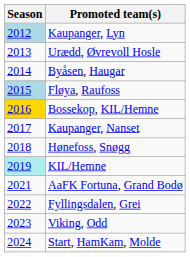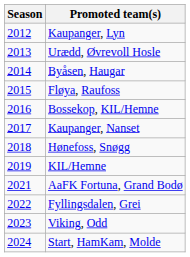 <table class="wikitable">
 <tr>
 <th>Season</th>
 <th>Promoted team(s)</th>
 </tr>
 <tr>
-<td style="background: lightblue;"><a href='#'>2012</a></td>
+<td><a href='#'>2012</a></td>
 <td><a href='#'>Kaupanger</a>, <a href='#'>Lyn</a></td>
 </tr>
 <tr>
 <td><a href='#'>2013</a></td>
 <td><a href='#'>Urædd</a>, <a href='#'>Øvrevoll Hosle</a></td>
 </tr>
 <tr>
 <td><a href='#'>2014</a></td>
 <td><a href='#'>Byåsen</a>, <a href='#'>Haugar</a></td>
 </tr>
 <tr>
-<td style="background: lightblue;"><a href='#'>2015</a></td>
+<td><a href='#'>2015</a></td>
 <td><a href='#'>Fløya</a>, <a href='#'>Raufoss</a></td>
 </tr>
 <tr>
-<td style="background: gold;"><a href='#'>2016</a></td>
+<td><a href='#'>2016</a></td>
 <td><a href='#'>Bossekop</a>, <a href='#'>KIL/Hemne</a></td>
 </tr>
 <tr>
 <td><a href='#'>2017</a></td>
 <td><a href='#'>Kaupanger</a>, <a href='#'>Nanset</a></td>
 </tr>
 <tr>
 <td><a href='#'>2018</a></td>
 <td><a href='#'>Hønefoss</a>, <a href='#'>Snøgg</a></td>
 </tr>
 <tr>
-<td style="background: paleturquoise;"><a href='#'>2019</a></td>
+<td><a href='#'>2019</a></td>
 <td><a href='#'>KIL/Hemne</a></td>
 </tr>
 <tr>
 <td><a href='#'>2021</a></td>
 <td><a href='#'>AaFK Fortuna</a>, <a href='#'>Grand Bodø</a></td>
 </tr>
 <tr>
 <td><a href='#'>2022</a></td>
 <td><a href='#'>Fyllingsdalen</a>, <a href='#'>Grei</a></td>
 </tr>
 <tr>
 <td><a href='#'>2023</a></td>
 <td><a href='#'>Viking</a>, <a href='#'>Odd</a></td>
 </tr>
 <tr>
 <td><a href='#'>2024</a></td>
 <td><a href='#'>Start</a>, <a href='#'>HamKam</a>, <a href='#'>Molde</a></td>
 </tr>
 </table>
